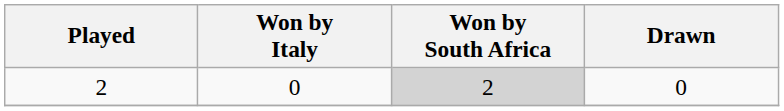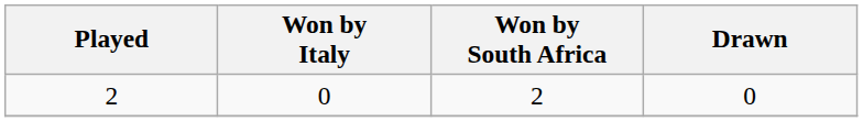 <table class="wikitable">
 <tr>
 <th width="125">Played</th>
 <th width="125">Won by<br>Italy</th>
 <th width="125">Won by<br>South Africa</th>
 <th width="125">Drawn</th>
 </tr>
 <tr>
 <td align=center>2</td>
 <td align=center>0</td>
-<td align=center style="background: lightgrey;">2</td>
+<td align=center>2</td>
 <td align=center>0</td>
 </tr>
 <tr>
 </tr>
 </table>
